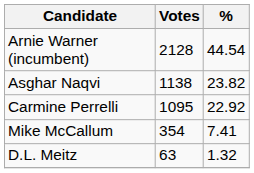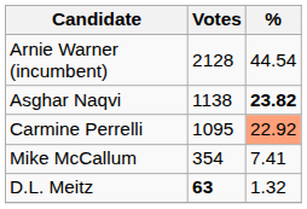 <table class="wikitable">
 <tr>
 <th bgcolor="#DDDDFF" width="150px">Candidate</th>
 <th bgcolor="#DDDDFF">Votes</th>
 <th bgcolor="#DDDDFF">%</th>
 </tr>
 <tr>
 <td>Arnie Warner (incumbent)</td>
 <td>2128</td>
 <td>44.54</td>
 </tr>
 <tr>
 <td>Asghar Naqvi</td>
 <td>1138</td>
-<td>23.82</td>
+<td><strong>23.82</strong></td>
 </tr>
 <tr>
 <td>Carmine Perrelli</td>
 <td>1095</td>
-<td>22.92</td>
+<td style="background: lightsalmon;">22.92</td>
 </tr>
 <tr>
 <td>Mike McCallum</td>
 <td>354</td>
 <td>7.41</td>
 </tr>
 <tr>
 <td>D.L. Meitz</td>
-<td>63</td>
+<td><strong>63</strong></td>
 <td>1.32</td>
 </tr>
 <tr>
 </tr>
 </table>
